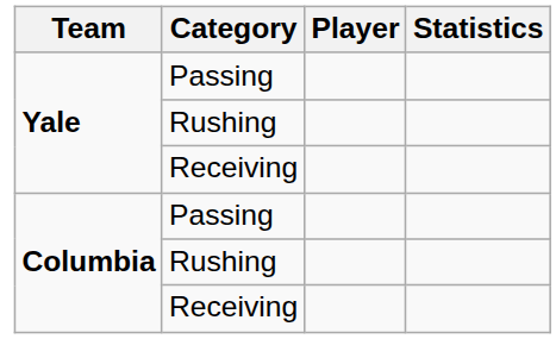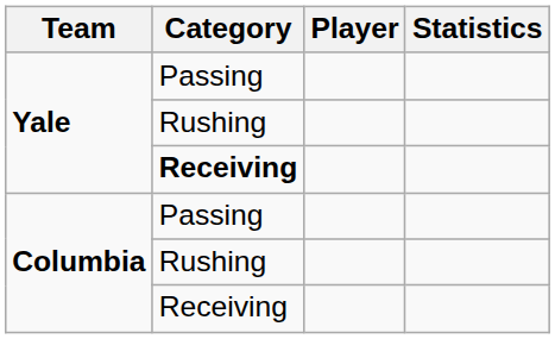 <table class="wikitable" style="float: right;">
 <tr>
 <th>Team</th>
 <th>Category</th>
 <th>Player</th>
 <th>Statistics</th>
 </tr>
 <tr>
 <td rowspan=3><strong>Yale</strong></td>
 <td>Passing</td>
 <td></td>
 <td></td>
 </tr>
 <tr>
 <td>Rushing</td>
 <td></td>
 <td></td>
 </tr>
 <tr>
-<td>Receiving</td>
+<td><strong>Receiving</strong></td>
 <td></td>
 <td></td>
 </tr>
 <tr>
 <td rowspan=3><strong>Columbia</strong></td>
 <td>Passing</td>
 <td></td>
 <td></td>
 </tr>
 <tr>
 <td>Rushing</td>
 <td></td>
 <td></td>
 </tr>
 <tr>
 <td>Receiving</td>
 <td></td>
 <td></td>
 </tr>
 </table>
